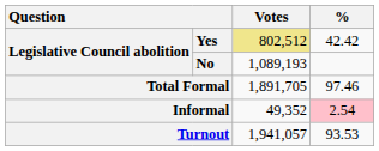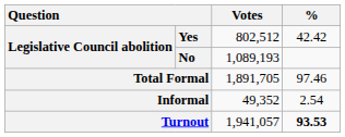 <table class="wikitable" align="center">
 <tr ---->
 <th colspan="2" style="text-align:left">Question</th>
 <th>Votes</th>
 <th>%</th>
 </tr>
 <tr>
 <th rowspan="2" style="text-align:left">Legislative Council abolition</th>
 <th style="text-align:left;padding-right:1em">Yes</th>
-<td align="right" style="background: khaki;">802,512</td>
+<td align="right">802,512</td>
 <td align="center">42.42</td>
 </tr>
 <tr>
 <th style="text-align:left">No</th>
 <td align="right">1,089,193</td>
 <td></td>
 </tr>
 <tr>
 <th colspan="2" style="text-align:right">Total Formal</th>
 <td align="right">1,891,705</td>
 <td align="center">97.46</td>
 </tr>
 <tr>
 <th colspan="2" style="text-align:right">Informal</th>
 <td align="right">49,352</td>
-<td align="center" style="background: pink;">2.54</td>
+<td align="center">2.54</td>
 </tr>
 <tr>
 <th colspan="2" style="text-align:right"><a href='#'>Turnout</a></th>
 <td style="text-align:right;padding-left:1em">1,941,057</td>
-<td style="text-align:center;padding-left:1em;padding-right:1em">93.53</td>
+<td style="text-align:center;padding-left:1em;padding-right:1em"><strong>93.53</strong></td>
 </tr>
 </table>
